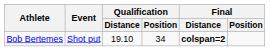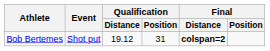 <table class=wikitable style="font-size:90%">
 <tr>
 <th rowspan="2">Athlete</th>
 <th rowspan="2">Event</th>
 <th colspan="2">Qualification</th>
 <th colspan="2">Final</th>
 </tr>
 <tr style="font-size:95%">
 <th>Distance</th>
 <th>Position</th>
 <th>Distance</th>
 <th>Position</th>
 </tr>
 <tr style=text-align:center>
 <td style=text-align:left><a href='#'>Bob Bertemes</a></td>
 <td style=text-align:left><a href='#'>Shot put</a></td>
-<td>19.10</td>
-<td>34</td>
+<td>19.12</td>
+<td>31</td>
 <td><strong>colspan=2 </strong></td>
 </tr>
 </table>
